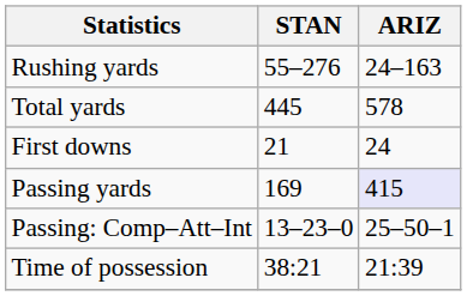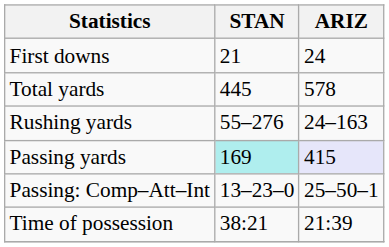 <table class="wikitable" style="float: left;">
 <tr>
 <th>Statistics</th>
 <th>STAN</th>
 <th>ARIZ</th>
 </tr>
 <tr>
-<td>Rushing yards</td>
-<td>55–276</td>
-<td>24–163</td>
+<td>First downs</td>
+<td>21</td>
+<td>24</td>
 </tr>
 <tr>
 <td>Total yards</td>
 <td>445</td>
 <td>578</td>
 </tr>
 <tr>
-<td>First downs</td>
-<td>21</td>
-<td>24</td>
+<td>Rushing yards</td>
+<td>55–276</td>
+<td>24–163</td>
 </tr>
 <tr>
 <td>Passing yards</td>
-<td>169</td>
+<td style="background: paleturquoise;">169</td>
 <td style="background: lavender;">415</td>
 </tr>
 <tr>
 <td>Passing: Comp–Att–Int</td>
 <td>13–23–0</td>
 <td>25–50–1</td>
 </tr>
 <tr>
 <td>Time of possession</td>
 <td>38:21</td>
 <td>21:39</td>
 </tr>
 <tr>
 </tr>
 </table>
